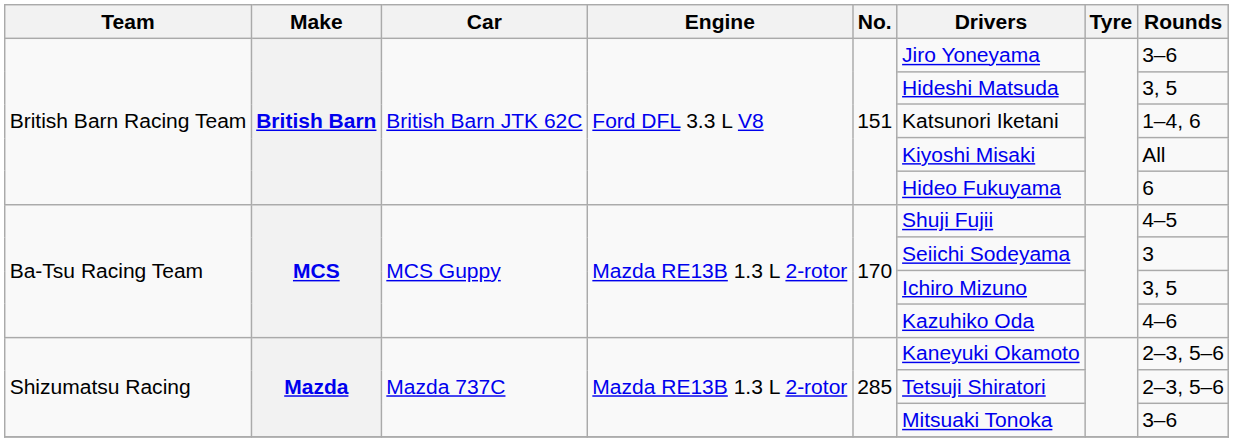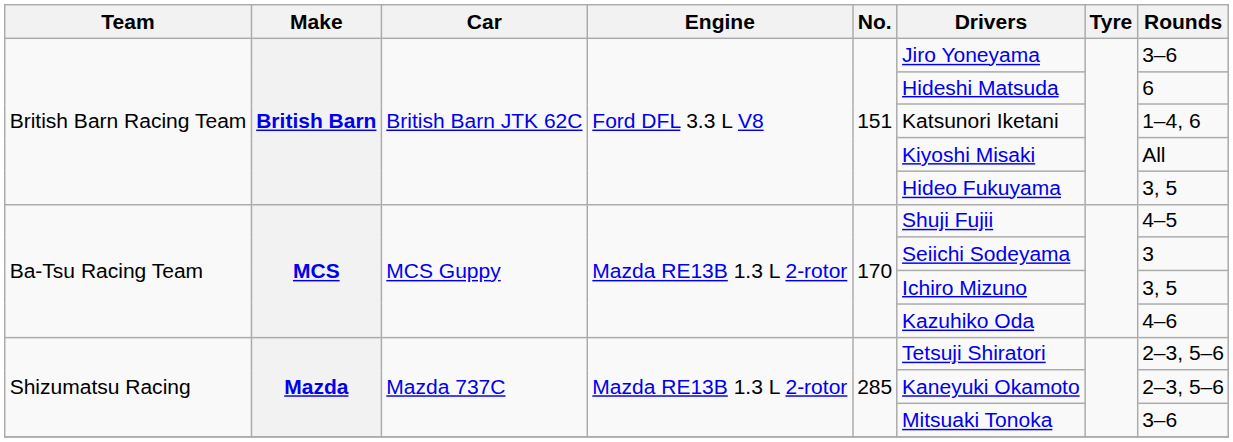 <table class="wikitable" style="font-size: 90%;">
 <tr>
 <th>Team</th>
 <th>Make</th>
 <th>Car</th>
 <th>Engine</th>
 <th>No.</th>
 <th>Drivers</th>
 <th>Tyre</th>
 <th>Rounds</th>
 </tr>
 <tr>
 <td rowspan=5>British Barn Racing Team</td>
 <th rowspan=5><a href='#'>British Barn</a></th>
 <td rowspan=5><a href='#'>British Barn JTK 62C</a></td>
 <td rowspan=5><a href='#'>Ford DFL</a> 3.3 L <a href='#'>V8</a></td>
 <td rowspan=5>151</td>
 <td> <a href='#'>Jiro Yoneyama</a></td>
 <td align=center rowspan=5></td>
 <td>3–6</td>
 </tr>
 <tr>
 <td> <a href='#'>Hideshi Matsuda</a></td>
-<td>3, 5</td>
+<td>6</td>
 </tr>
 <tr>
 <td> Katsunori Iketani</td>
 <td>1–4, 6</td>
 </tr>
 <tr>
 <td> <a href='#'>Kiyoshi Misaki</a></td>
 <td>All</td>
 </tr>
 <tr>
 <td> <a href='#'>Hideo Fukuyama</a></td>
-<td>6</td>
+<td>3, 5</td>
 </tr>
 <tr>
 <td rowspan=4>Ba-Tsu Racing Team</td>
 <th rowspan=4><a href='#'>MCS</a></th>
 <td rowspan=4><a href='#'>MCS Guppy</a></td>
 <td rowspan=4><a href='#'>Mazda RE13B</a> 1.3 L <a href='#'>2-rotor</a></td>
 <td rowspan=4>170</td>
 <td> <a href='#'>Shuji Fujii</a></td>
 <td align=center rowspan=4></td>
 <td>4–5</td>
 </tr>
 <tr>
 <td> <a href='#'>Seiichi Sodeyama</a></td>
 <td>3</td>
 </tr>
 <tr>
 <td> <a href='#'>Ichiro Mizuno</a></td>
 <td>3, 5</td>
 </tr>
 <tr>
 <td> <a href='#'>Kazuhiko Oda</a></td>
 <td>4–6</td>
 </tr>
 <tr>
 <td rowspan=3>Shizumatsu Racing</td>
 <th rowspan=3><a href='#'>Mazda</a></th>
 <td rowspan=3><a href='#'>Mazda 737C</a></td>
 <td rowspan=3><a href='#'>Mazda RE13B</a> 1.3 L <a href='#'>2-rotor</a></td>
 <td rowspan=3>285</td>
-<td> <a href='#'>Kaneyuki Okamoto</a></td>
+<td> <a href='#'>Tetsuji Shiratori</a></td>
 <td align=center rowspan=3></td>
 <td>2–3, 5–6</td>
 </tr>
 <tr>
-<td> <a href='#'>Tetsuji Shiratori</a></td>
+<td> <a href='#'>Kaneyuki Okamoto</a></td>
 <td>2–3, 5–6</td>
 </tr>
 <tr>
 <td> <a href='#'>Mitsuaki Tonoka</a></td>
 <td>3–6</td>
 </tr>
 <tr>
 </tr>
 </table>
